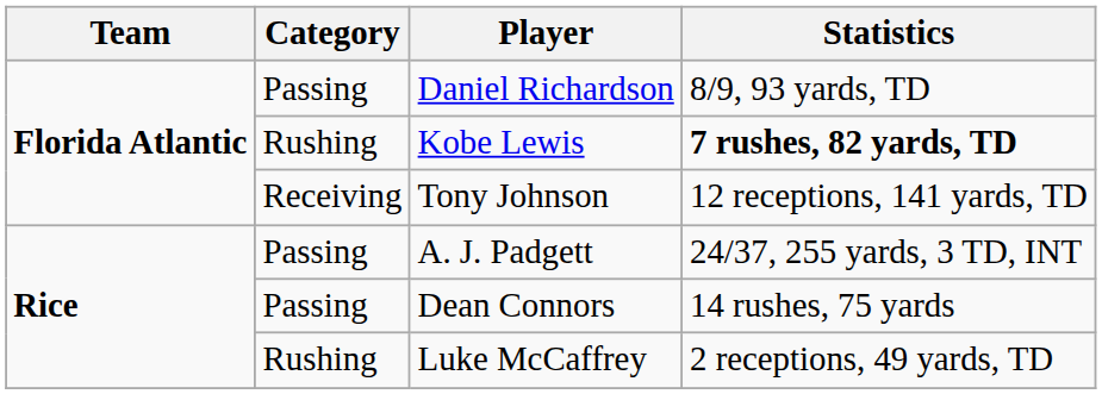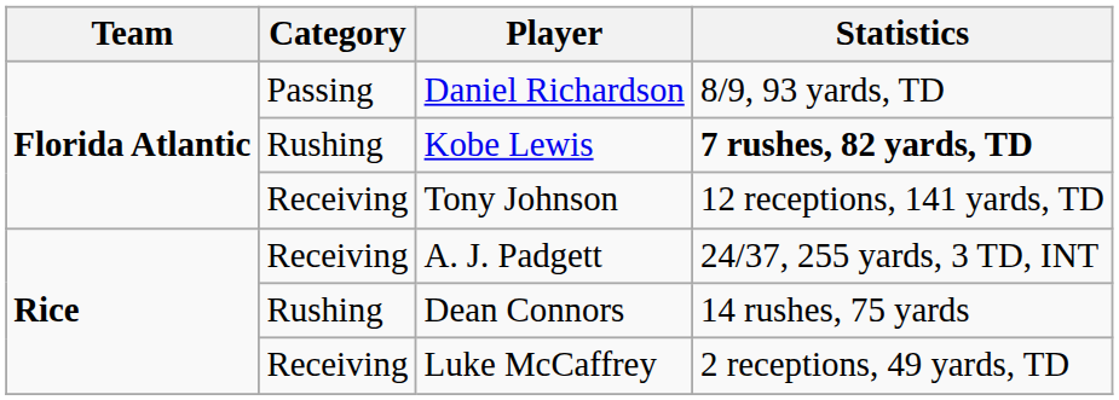 <table class="wikitable" style="float: right;">
 <tr>
 <th>Team</th>
 <th>Category</th>
 <th>Player</th>
 <th>Statistics</th>
 </tr>
 <tr>
 <td rowspan=3><strong>Florida Atlantic</strong></td>
 <td>Passing</td>
 <td><a href='#'>Daniel Richardson</a></td>
 <td>8/9, 93 yards, TD</td>
 </tr>
 <tr>
 <td>Rushing</td>
 <td><a href='#'>Kobe Lewis</a></td>
 <td><strong>7 rushes, 82 yards, TD</strong></td>
 </tr>
 <tr>
 <td>Receiving</td>
 <td>Tony Johnson</td>
 <td>12 receptions, 141 yards, TD</td>
 </tr>
 <tr>
 <td rowspan=3><strong>Rice</strong></td>
-<td>Passing</td>
+<td>Receiving</td>
 <td>A. J. Padgett</td>
 <td>24/37, 255 yards, 3 TD, INT</td>
 </tr>
 <tr>
-<td>Passing</td>
+<td>Rushing</td>
 <td>Dean Connors</td>
 <td>14 rushes, 75 yards</td>
 </tr>
 <tr>
-<td>Rushing</td>
+<td>Receiving</td>
 <td>Luke McCaffrey</td>
 <td>2 receptions, 49 yards, TD</td>
 </tr>
 </table>
